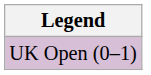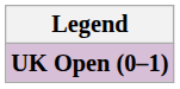 <table class="wikitable">
 <tr>
 <th>Legend</th>
 </tr>
 <tr style="background:thistle">
-<td>UK Open (0–1)</td>
+<td><strong>UK Open (0–1)</strong></td>
 </tr>
 </table>
